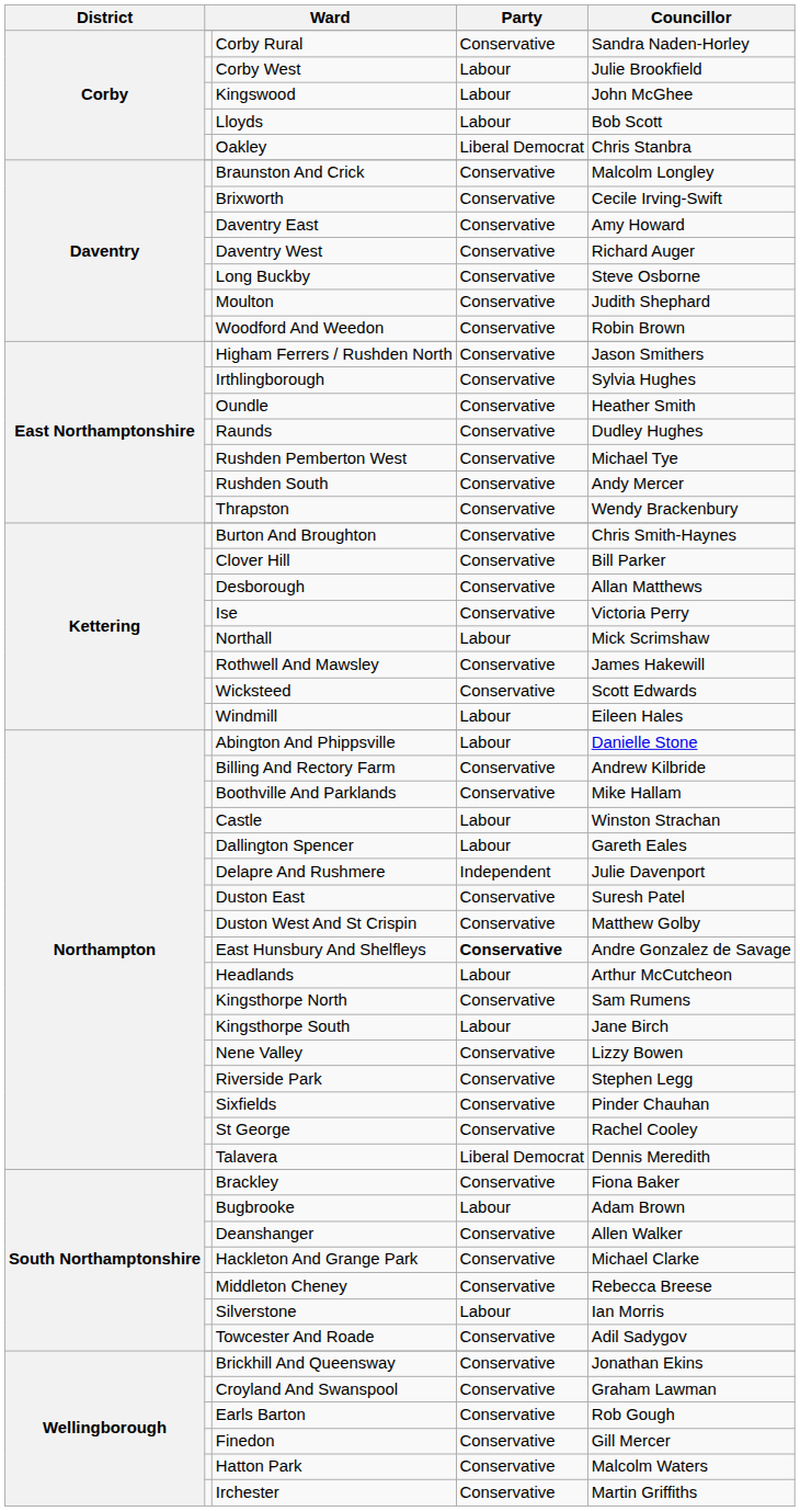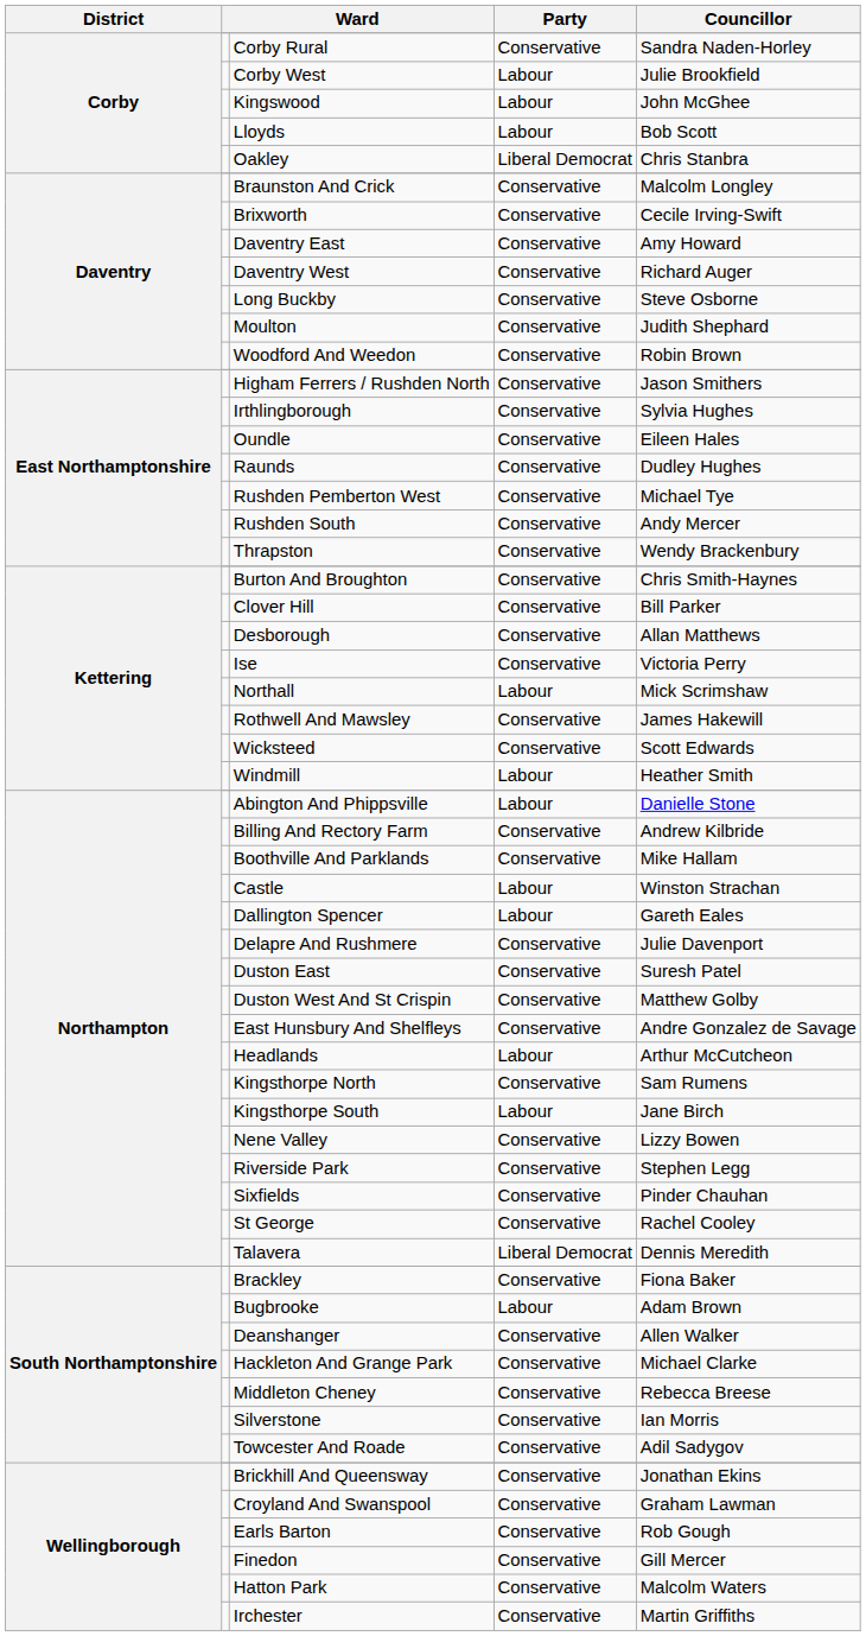 <table class="wikitable">
 <tr>
 <th>District</th>
 <th colspan=2>Ward</th>
 <th>Party</th>
 <th>Councillor</th>
 </tr>
 <tr>
 <th rowspan=6>Corby</th>
 </tr>
 <tr>
 <td style="background-color: "></td>
 <td>Corby Rural</td>
 <td>Conservative</td>
 <td>Sandra Naden-Horley</td>
 </tr>
 <tr>
 <td style="background-color: "></td>
 <td>Corby West</td>
 <td>Labour</td>
 <td>Julie Brookfield</td>
 </tr>
 <tr>
 <td style="background-color: "></td>
 <td>Kingswood</td>
 <td>Labour</td>
 <td>John McGhee</td>
 </tr>
 <tr>
 <td style="background-color: "></td>
 <td>Lloyds</td>
 <td>Labour</td>
 <td>Bob Scott</td>
 </tr>
 <tr>
 <td style="background-color: "></td>
 <td>Oakley</td>
 <td>Liberal Democrat</td>
 <td>Chris Stanbra</td>
 </tr>
 <tr>
 <th rowspan=8>Daventry</th>
 </tr>
 <tr>
 <td style="background-color: "></td>
 <td>Braunston And Crick</td>
 <td>Conservative</td>
 <td>Malcolm Longley</td>
 </tr>
 <tr>
 <td style="background-color: "></td>
 <td>Brixworth</td>
 <td>Conservative</td>
 <td>Cecile Irving-Swift</td>
 </tr>
 <tr>
 <td style="background-color: "></td>
 <td>Daventry East</td>
 <td>Conservative</td>
 <td>Amy Howard</td>
 </tr>
 <tr>
 <td style="background-color: "></td>
 <td>Daventry West</td>
 <td>Conservative</td>
 <td>Richard Auger</td>
 </tr>
 <tr>
 <td style="background-color: "></td>
 <td>Long Buckby</td>
 <td>Conservative</td>
 <td>Steve Osborne</td>
 </tr>
 <tr>
 <td style="background-color: "></td>
 <td>Moulton</td>
 <td>Conservative</td>
 <td>Judith Shephard</td>
 </tr>
 <tr>
 <td style="background-color: "></td>
 <td>Woodford And Weedon</td>
 <td>Conservative</td>
 <td>Robin Brown</td>
 </tr>
 <tr>
 <th rowspan=8>East Northamptonshire</th>
 </tr>
 <tr>
 <td style="background-color: "></td>
 <td>Higham Ferrers / Rushden North</td>
 <td>Conservative</td>
 <td>Jason Smithers</td>
 </tr>
 <tr>
 <td style="background-color: "></td>
 <td>Irthlingborough</td>
 <td>Conservative</td>
 <td>Sylvia Hughes</td>
 </tr>
 <tr>
 <td style="background-color: "></td>
 <td>Oundle</td>
 <td>Conservative</td>
-<td>Heather Smith</td>
+<td>Eileen Hales</td>
 </tr>
 <tr>
 <td style="background-color: "></td>
 <td>Raunds</td>
 <td>Conservative</td>
 <td>Dudley Hughes</td>
 </tr>
 <tr>
 <td style="background-color: "></td>
 <td>Rushden Pemberton West</td>
 <td>Conservative</td>
 <td>Michael Tye</td>
 </tr>
 <tr>
 <td style="background-color: "></td>
 <td>Rushden South</td>
 <td>Conservative</td>
 <td>Andy Mercer</td>
 </tr>
 <tr>
 <td style="background-color: "></td>
 <td>Thrapston</td>
 <td>Conservative</td>
 <td>Wendy Brackenbury</td>
 </tr>
 <tr>
 <th rowspan=9>Kettering</th>
 </tr>
 <tr>
 <td style="background-color: "></td>
 <td>Burton And Broughton</td>
 <td>Conservative</td>
 <td>Chris Smith-Haynes</td>
 </tr>
 <tr>
 <td style="background-color: "></td>
 <td>Clover Hill</td>
 <td>Conservative</td>
 <td>Bill Parker</td>
 </tr>
 <tr>
 <td style="background-color: "></td>
 <td>Desborough</td>
 <td>Conservative</td>
 <td>Allan Matthews</td>
 </tr>
 <tr>
 <td style="background-color: "></td>
 <td>Ise</td>
 <td>Conservative</td>
 <td>Victoria Perry</td>
 </tr>
 <tr>
 <td style="background-color: "></td>
 <td>Northall</td>
 <td>Labour</td>
 <td>Mick Scrimshaw</td>
 </tr>
 <tr>
 <td style="background-color: "></td>
 <td>Rothwell And Mawsley</td>
 <td>Conservative</td>
 <td>James Hakewill</td>
 </tr>
 <tr>
 <td style="background-color: "></td>
 <td>Wicksteed</td>
 <td>Conservative</td>
 <td>Scott Edwards</td>
 </tr>
 <tr>
 <td style="background-color: "></td>
 <td>Windmill</td>
 <td>Labour</td>
-<td>Eileen Hales</td>
+<td>Heather Smith</td>
 </tr>
 <tr>
 <th rowspan=18>Northampton</th>
 </tr>
 <tr>
 <td style="background-color: "></td>
 <td>Abington And Phippsville</td>
 <td>Labour</td>
 <td><a href='#'>Danielle Stone</a></td>
 </tr>
 <tr>
 <td style="background-color: "></td>
 <td>Billing And Rectory Farm</td>
 <td>Conservative</td>
 <td>Andrew Kilbride</td>
 </tr>
 <tr>
 <td style="background-color: "></td>
 <td>Boothville And Parklands</td>
 <td>Conservative</td>
 <td>Mike Hallam</td>
 </tr>
 <tr>
 <td style="background-color: "></td>
 <td>Castle</td>
 <td>Labour</td>
 <td>Winston Strachan</td>
 </tr>
 <tr>
 <td style="background-color: "></td>
 <td>Dallington Spencer</td>
 <td>Labour</td>
 <td>Gareth Eales</td>
 </tr>
 <tr>
 <td style="background-color: "></td>
 <td>Delapre And Rushmere</td>
-<td>Independent</td>
+<td>Conservative</td>
 <td>Julie Davenport</td>
 </tr>
 <tr>
 <td style="background-color: "></td>
 <td>Duston East</td>
 <td>Conservative</td>
 <td>Suresh Patel</td>
 </tr>
 <tr>
 <td style="background-color: "></td>
 <td>Duston West And St Crispin</td>
 <td>Conservative</td>
 <td>Matthew Golby</td>
 </tr>
 <tr>
 <td style="background-color: "></td>
 <td>East Hunsbury And Shelfleys</td>
-<td><strong>Conservative</strong></td>
+<td>Conservative</td>
 <td>Andre Gonzalez de Savage</td>
 </tr>
 <tr>
 <td style="background-color: "></td>
 <td>Headlands</td>
 <td>Labour</td>
 <td>Arthur McCutcheon</td>
 </tr>
 <tr>
 <td style="background-color: "></td>
 <td>Kingsthorpe North</td>
 <td>Conservative</td>
 <td>Sam Rumens</td>
 </tr>
 <tr>
 <td style="background-color: "></td>
 <td>Kingsthorpe South</td>
 <td>Labour</td>
 <td>Jane Birch</td>
 </tr>
 <tr>
 <td style="background-color: "></td>
 <td>Nene Valley</td>
 <td>Conservative</td>
 <td>Lizzy Bowen</td>
 </tr>
 <tr>
 <td style="background-color: "></td>
 <td>Riverside Park</td>
 <td>Conservative</td>
 <td>Stephen Legg</td>
 </tr>
 <tr>
 <td style="background-color: "></td>
 <td>Sixfields</td>
 <td>Conservative</td>
 <td>Pinder Chauhan</td>
 </tr>
 <tr>
 <td style="background-color: "></td>
 <td>St George</td>
 <td>Conservative</td>
 <td>Rachel Cooley</td>
 </tr>
 <tr>
 <td style="background-color: "></td>
 <td>Talavera</td>
 <td>Liberal Democrat</td>
 <td>Dennis Meredith</td>
 </tr>
 <tr>
 <th rowspan=8>South Northamptonshire</th>
 </tr>
 <tr>
 <td style="background-color: "></td>
 <td>Brackley</td>
 <td>Conservative</td>
 <td>Fiona Baker</td>
 </tr>
 <tr>
 <td style="background-color: "></td>
 <td>Bugbrooke</td>
 <td>Labour</td>
 <td>Adam Brown</td>
 </tr>
 <tr>
 <td style="background-color: "></td>
 <td>Deanshanger</td>
 <td>Conservative</td>
 <td>Allen Walker</td>
 </tr>
 <tr>
 <td style="background-color: "></td>
 <td>Hackleton And Grange Park</td>
 <td>Conservative</td>
 <td>Michael Clarke</td>
 </tr>
 <tr>
 <td style="background-color: "></td>
 <td>Middleton Cheney</td>
 <td>Conservative</td>
 <td>Rebecca Breese</td>
 </tr>
 <tr>
 <td style="background-color: "></td>
 <td>Silverstone</td>
-<td>Labour</td>
+<td>Conservative</td>
 <td>Ian Morris</td>
 </tr>
 <tr>
 <td style="background-color: "></td>
 <td>Towcester And Roade</td>
 <td>Conservative</td>
 <td>Adil Sadygov</td>
 </tr>
 <tr>
 <th rowspan=7>Wellingborough</th>
 </tr>
 <tr>
 <td style="background-color: "></td>
 <td>Brickhill And Queensway</td>
 <td>Conservative</td>
 <td>Jonathan Ekins</td>
 </tr>
 <tr>
 <td style="background-color: "></td>
 <td>Croyland And Swanspool</td>
 <td>Conservative</td>
 <td>Graham Lawman</td>
 </tr>
 <tr>
 <td style="background-color: "></td>
 <td>Earls Barton</td>
 <td>Conservative</td>
 <td>Rob Gough</td>
 </tr>
 <tr>
 <td style="background-color: "></td>
 <td>Finedon</td>
 <td>Conservative</td>
 <td>Gill Mercer</td>
 </tr>
 <tr>
 <td style="background-color: "></td>
 <td>Hatton Park</td>
 <td>Conservative</td>
 <td>Malcolm Waters</td>
 </tr>
 <tr>
 <td style="background-color: "></td>
 <td>Irchester</td>
 <td>Conservative</td>
 <td>Martin Griffiths</td>
 </tr>
 </table>
